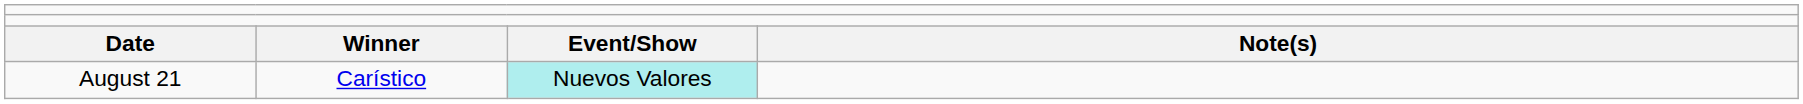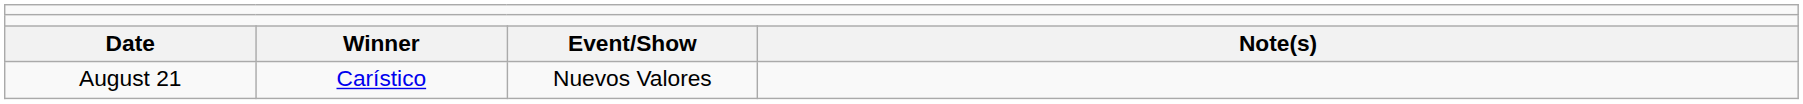 <table class="wikitable" style="text-align:center; width:100%;">
 <tr>
 <td colspan="5"></td>
 </tr>
 <tr>
 <td colspan="5"><strong></strong></td>
 </tr>
 <tr>
 <th width=14%>Date</th>
 <th width=14%>Winner</th>
 <th width=14%>Event/Show</th>
 <th width=58%>Note(s)</th>
 </tr>
 <tr>
 <td>August 21</td>
 <td><a href='#'>Carístico</a></td>
-<td style="background: paleturquoise;">Nuevos Valores</td>
+<td>Nuevos Valores</td>
 <td></td>
 </tr>
 </table>
